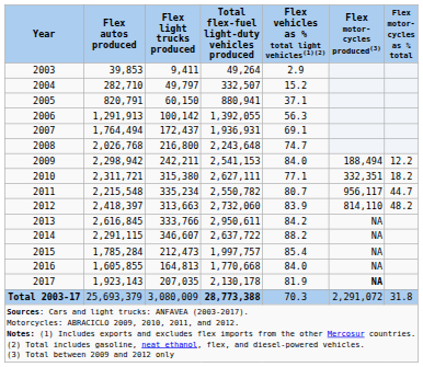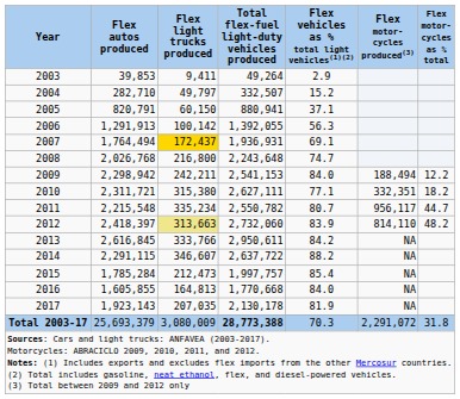 <table class="wikitable" align="center">
 <tr>
 <th style="background: #ABCDEF;">Year</th>
 <th style="background: #ABCDEF;">Flex <br>autos<br> produced</th>
 <th style="background:#ABCDEF;">Flex <br>light <br>trucks<br> produced</th>
 <th style="background: #ABCDEF;">Total <br>flex-fuel<br>light-duty <br>vehicles<br>produced<small></small></th>
 <th style="background: #ABCDEF;">Flex <br>vehicles <br> as %<br> <small>total light<br> vehicles<sup>(1)(2)</sup></small></th>
 <th style="background: #ABCDEF;">Flex <br><small>motor-<br>cycles<br> produced<sup>(3)</sup></small></th>
 <th style="background: #ABCDEF;"><small>Flex <br>motor-<br>cycles <br> as %<br> total </small></th>
 </tr>
 <tr align="right">
 <td align="center">2003</td>
 <td>39,853</td>
 <td>9,411</td>
 <td>49,264</td>
 <td align="center">2.9</td>
 <td bgcolor="#f1f5fa"></td>
 <td align="center" bgcolor="#f1f5fa"></td>
 </tr>
 <tr align="right">
 <td align="center">2004</td>
 <td>282,710</td>
 <td>49,797</td>
 <td>332,507</td>
 <td align="center">15.2</td>
 <td bgcolor="#f1f5fa"></td>
 <td align="center" bgcolor="#f1f5fa"></td>
 </tr>
 <tr align="right">
 <td align="center">2005</td>
 <td>820,791</td>
 <td>60,150</td>
 <td>880,941</td>
 <td align="center">37.1</td>
 <td bgcolor="#f1f5fa"></td>
 <td align="center" bgcolor="#f1f5fa"></td>
 </tr>
 <tr align="right">
 <td align="center">2006</td>
 <td>1,291,913</td>
 <td>100,142</td>
 <td>1,392,055</td>
 <td align="center">56.3</td>
 <td bgcolor="#f1f5fa"></td>
 <td align="center" bgcolor="#f1f5fa"></td>
 </tr>
 <tr align="right">
 <td align="center">2007</td>
 <td>1,764,494</td>
-<td>172,437</td>
+<td style="background: gold;">172,437</td>
 <td>1,936,931</td>
 <td align="center">69.1</td>
 <td bgcolor="#f1f5fa"></td>
 <td align="center" bgcolor="#f1f5fa"></td>
 </tr>
 <tr align="right">
 <td align="center">2008</td>
 <td>2,026,768</td>
 <td>216,800</td>
 <td>2,243,648</td>
 <td align="center">74.7</td>
 <td bgcolor="#f1f5fa"></td>
 <td align="center" bgcolor="#f1f5fa"></td>
 </tr>
 <tr align="right">
 <td align="center">2009</td>
 <td>2,298,942</td>
 <td>242,211</td>
 <td>2,541,153</td>
 <td align="center">84.0</td>
 <td>188,494</td>
 <td align="center">12.2</td>
 </tr>
 <tr align="right">
 <td align="center">2010</td>
 <td>2,311,721</td>
 <td>315,380</td>
 <td>2,627,111</td>
 <td align="center">77.1</td>
 <td>332,351</td>
 <td align="center">18.2</td>
 </tr>
 <tr align="right">
 <td align="center">2011</td>
 <td>2,215,548</td>
 <td>335,234</td>
 <td>2,550,782</td>
 <td align="center">80.7</td>
 <td>956,117</td>
 <td align="center">44.7</td>
 </tr>
 <tr align="right">
 <td align="center">2012</td>
 <td>2,418,397</td>
-<td>313,663</td>
+<td style="background: khaki;">313,663</td>
 <td>2,732,060</td>
 <td align="center">83.9</td>
 <td>814,110</td>
 <td align="center">48.2</td>
 </tr>
 <tr align="right">
 <td align="center">2013</td>
 <td>2,616,845</td>
 <td>333,766</td>
 <td>2,950,611</td>
 <td align="center">84.2</td>
 <td>NA</td>
 <td align="center"></td>
 </tr>
 <tr align="right">
 <td align="center">2014</td>
 <td>2,291,115</td>
 <td>346,607</td>
 <td>2,637,722</td>
 <td align="center">88.2</td>
 <td>NA</td>
 <td align="center"></td>
 </tr>
 <tr align="right">
 <td align="center">2015</td>
 <td>1,785,284</td>
 <td>212,473</td>
 <td>1,997,757</td>
 <td align="center">85.4</td>
 <td>NA</td>
 <td align="center"></td>
 </tr>
 <tr align="right">
 <td align="center">2016</td>
 <td>1,605,855</td>
 <td>164,813</td>
 <td>1,770,668</td>
 <td align="center">84.0</td>
 <td>NA</td>
 <td align="center"></td>
 </tr>
 <tr align="right">
 <td align="center">2017</td>
 <td>1,923,143</td>
 <td>207,035</td>
 <td>2,130,178</td>
 <td align="center">81.9</td>
-<td><strong>NA</strong></td>
+<td>NA</td>
 <td align="center"></td>
 </tr>
 <tr align="right">
 <td align="center" style="background: #ABCDEF;"><strong>Total 2003-17</strong></td>
 <td align="center" style="background: #ABCDEF;">25,693,379</td>
 <td align="center" style="background: #ABCDEF;">3,080,009</td>
 <td style="background: #ABCDEF;"><strong>28,773,388</strong></td>
 <td align="center" style="background: #ABCDEF;">70.3</td>
 <td style="background: #ABCDEF;">2,291,072</td>
 <td style="background: #ABCDEF;" align="center">31.8</td>
 </tr>
 <tr>
 <td colspan="7"><small> <strong>Sources</strong>: Cars and light trucks: ANFAVEA (2003-2017). <br> Motorcycles: ABRACICLO 2009, 2010, 2011, and 2012.<br> <strong>Notes:</strong> (1) Includes exports and excludes flex imports from the other <a href='#'>Mercosur</a> countries.<br> (2) Total includes gasoline, <a href='#'>neat ethanol</a>, flex, and diesel-powered vehicles.<br>(3) Total between 2009 and 2012 only</small></td>
 </tr>
 </table>
